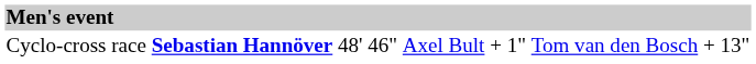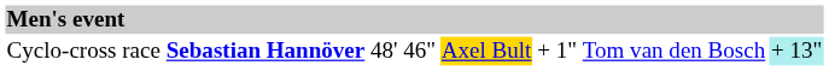 <table>
 <tr bgcolor="#cccccc">
 <td colspan=7><strong>Men's event</strong></td>
 </tr>
 <tr>
 <td>Cyclo-cross race<br><small><em></em></small></td>
 <td><strong><a href='#'>Sebastian Hannöver</a></strong><br><small></small></td>
 <td>48' 46"</td>
-<td><a href='#'>Axel Bult</a><br><small></small></td>
+<td style="background: gold;"><a href='#'>Axel Bult</a><br><small></small></td>
 <td>+ 1"</td>
 <td><a href='#'>Tom van den Bosch</a><br><small></small></td>
-<td>+ 13"</td>
+<td style="background: paleturquoise;">+ 13"</td>
 </tr>
 </table>
